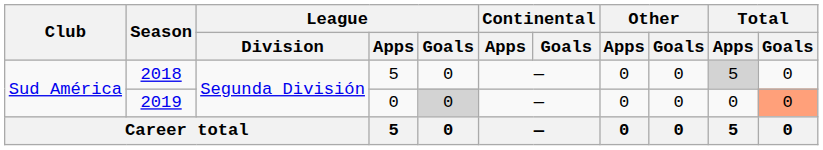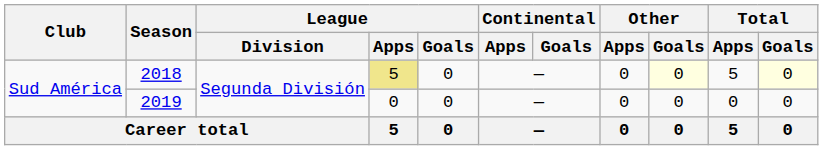 <table class="wikitable" style="text-align:center">
 <tr>
 <th rowspan="2">Club</th>
 <th rowspan="2">Season</th>
 <th colspan="3">League</th>
 <th colspan="2">Continental</th>
 <th colspan="2">Other</th>
 <th colspan="2">Total</th>
 </tr>
 <tr>
 <th>Division</th>
 <th>Apps</th>
 <th>Goals</th>
 <th>Apps</th>
 <th>Goals</th>
 <th>Apps</th>
 <th>Goals</th>
 <th>Apps</th>
 <th>Goals</th>
 </tr>
 <tr>
 <td rowspan="2"><a href='#'>Sud América</a></td>
 <td><a href='#'>2018</a></td>
 <td rowspan="2"><a href='#'>Segunda División</a></td>
+<td style="background: khaki;">5</td>
+<td>0</td>
+<td colspan="2">—</td>
+<td>0</td>
+<td style="background: lightyellow;">0</td>
 <td>5</td>
+<td style="background: lightyellow;">0</td>
+</tr>
+<tr>
+<td><a href='#'>2019</a></td>
+<td>0</td>
 <td>0</td>
 <td colspan="2">—</td>
 <td>0</td>
 <td>0</td>
-<td style="background: lightgrey;">5</td>
-<td>0</td>
-</tr>
-<tr>
-<td><a href='#'>2019</a></td>
-<td>0</td>
-<td style="background: lightgrey;">0</td>
-<td colspan="2">—</td>
 <td>0</td>
 <td>0</td>
-<td>0</td>
-<td style="background: lightsalmon;">0</td>
 </tr>
 <tr>
 <th colspan="3">Career total</th>
 <th>5</th>
 <th>0</th>
 <th colspan="2">—</th>
 <th>0</th>
 <th>0</th>
 <th>5</th>
 <th>0</th>
 </tr>
 </table>
